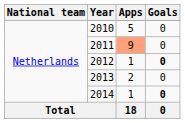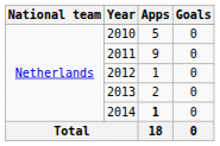 <table class="wikitable" style="text-align:center">
 <tr>
 <th>National team</th>
 <th>Year</th>
 <th>Apps</th>
 <th>Goals</th>
 </tr>
 <tr>
 <td rowspan=6><a href='#'>Netherlands</a></td>
 </tr>
 <tr>
 <td>2010</td>
 <td>5</td>
 <td>0</td>
 </tr>
 <tr>
 <td>2011</td>
-<td style="background: lightsalmon;">9</td>
+<td>9</td>
 <td>0</td>
 </tr>
 <tr>
 <td>2012</td>
 <td>1</td>
-<td><strong>0</strong></td>
+<td>0</td>
 </tr>
 <tr>
 <td>2013</td>
 <td>2</td>
 <td>0</td>
 </tr>
 <tr>
 <td>2014</td>
-<td>1</td>
-<td><strong>0</strong></td>
+<td><strong>1</strong></td>
+<td>0</td>
 </tr>
 <tr>
 <th colspan=2>Total</th>
 <th>18</th>
 <th>0</th>
 </tr>
 </table>
